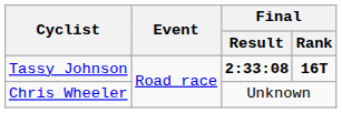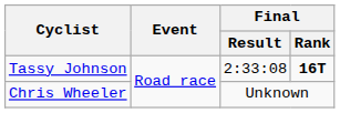 <table class=wikitable style="font-size:90%">
 <tr>
 <th rowspan=2>Cyclist</th>
 <th rowspan=2>Event</th>
 <th colspan=2>Final</th>
 </tr>
 <tr>
 <th>Result</th>
 <th>Rank</th>
 </tr>
 <tr>
 <td><a href='#'>Tassy Johnson</a></td>
 <td rowspan=2><a href='#'>Road race</a></td>
-<td align=center><strong>2:33:08</strong></td>
+<td align=center>2:33:08</td>
 <td align=center><strong>16T</strong></td>
 </tr>
 <tr>
 <td><a href='#'>Chris Wheeler</a></td>
 <td align=center colspan=2>Unknown</td>
 </tr>
 </table>
